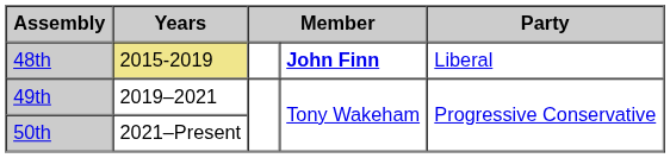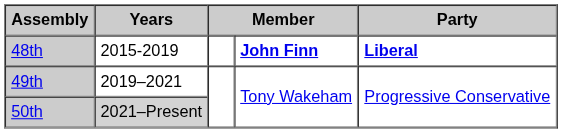 <table border=1 cellpadding=5 cellspacing=0>
 <tr bgcolor="CCCCCC">
 <th>Assembly</th>
 <th>Years</th>
 <th colspan="2">Member</th>
 <th>Party</th>
 </tr>
 <tr>
 <td bgcolor="CCCCCC"><a href='#'>48th</a></td>
-<td style="background: khaki;">2015-2019</td>
+<td>2015-2019</td>
 <td>   </td>
 <td><strong><a href='#'>John Finn</a></strong></td>
-<td><a href='#'>Liberal</a></td>
+<td><strong><a href='#'>Liberal</a></strong></td>
 </tr>
 <tr>
 <td bgcolor="CCCCCC"><a href='#'>49th</a></td>
 <td>2019–2021</td>
 <td rowspan="2" >   </td>
 <td rowspan="2"><a href='#'>Tony Wakeham</a></td>
 <td rowspan="2"><a href='#'>Progressive Conservative</a></td>
 </tr>
 <tr>
 <td bgcolor="CCCCCC"><a href='#'>50th</a></td>
-<td>2021–Present</td>
+<td style="background: lightgrey;">2021–Present</td>
 </tr>
 </table>
